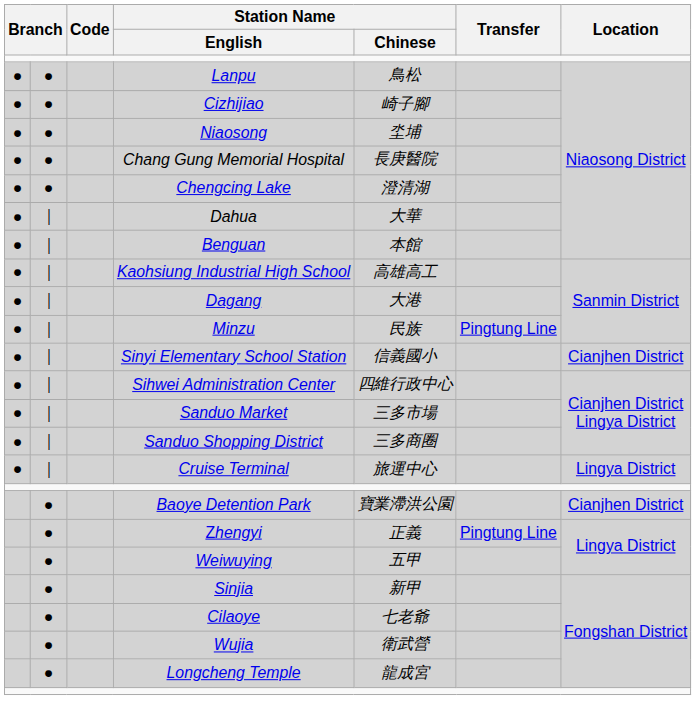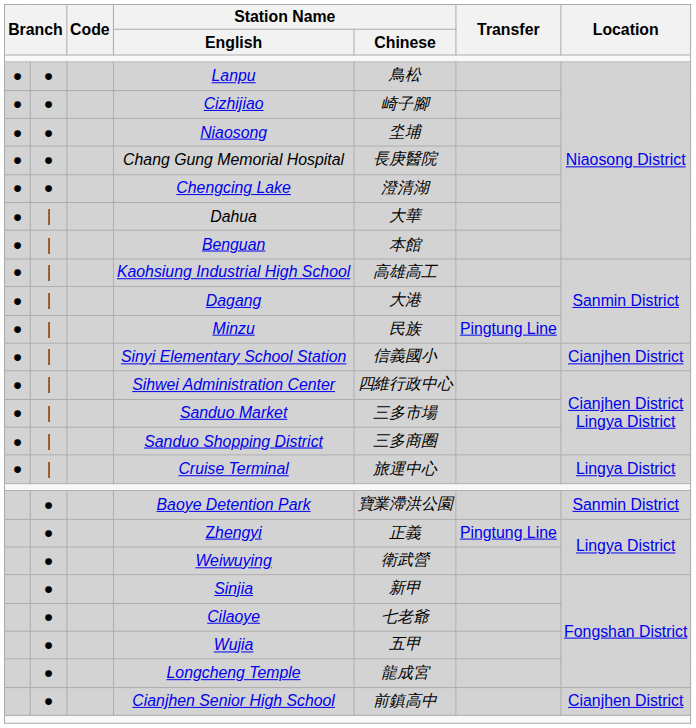 <table class="wikitable" style="text-align: center">
 <tr>
 <th colspan="2" rowspan="2">Branch</th>
 <th rowspan="2">Code</th>
 <th colspan="2">Station Name</th>
 <th rowspan="2">Transfer</th>
 <th rowspan="2">Location</th>
 </tr>
 <tr>
 <th>English</th>
 <th>Chinese</th>
 </tr>
 <tr>
 <td colspan="7"></td>
 </tr>
 <tr bgcolor = "lightgrey">
 <td>●</td>
 <td>●</td>
 <td><em></em></td>
 <td><a href='#'><em>Lanpu</em></a></td>
 <td><em>鳥松</em></td>
 <td style="text-align: left"></td>
 <td rowspan="7"><a href='#'>Niaosong District</a></td>
 </tr>
 <tr bgcolor = "lightgrey">
 <td>●</td>
 <td>●</td>
 <td><em></em></td>
 <td><em><a href='#'>Cizhijiao</a></em></td>
 <td><em>崎子腳</em></td>
 <td></td>
 </tr>
 <tr bgcolor = "lightgrey">
 <td>●</td>
 <td>●</td>
 <td><em></em></td>
 <td><a href='#'><em>Niaosong</em></a></td>
 <td><em>坔埔</em></td>
 <td></td>
 </tr>
 <tr bgcolor = "lightgrey">
 <td>●</td>
 <td>●</td>
 <td><em></em></td>
 <td><em>Chang Gung Memorial Hospital</em></td>
 <td><em>長庚醫院</em></td>
 <td style="text-align: left"></td>
 </tr>
 <tr bgcolor = "lightgrey">
 <td>●</td>
 <td>●</td>
 <td><em></em></td>
 <td><a href='#'><em>Chengcing Lake</em></a></td>
 <td><em>澄清湖</em></td>
 <td></td>
 </tr>
 <tr bgcolor = "lightgrey">
 <td>●</td>
 <td>｜</td>
 <td><em></em></td>
 <td><em>Dahua</em></td>
 <td><em>大華</em></td>
 <td style="text-align: left"></td>
 </tr>
 <tr bgcolor = "lightgrey">
 <td>●</td>
 <td>｜</td>
 <td><em></em></td>
 <td><em><a href='#'>Benguan</a></em></td>
 <td><em>本館</em></td>
 <td style="text-align: left"></td>
 </tr>
 <tr bgcolor = "lightgrey">
 <td>●</td>
 <td>｜</td>
 <td><em></em></td>
 <td><em><a href='#'>Kaohsiung Industrial High School</a></em></td>
 <td><em>高雄高工</em></td>
 <td></td>
 <td rowspan="3"><a href='#'>Sanmin District</a></td>
 </tr>
 <tr bgcolor = "lightgrey">
 <td>●</td>
 <td>｜</td>
 <td><em></em></td>
 <td><a href='#'><em>Dagang</em></a></td>
 <td><em>大港</em></td>
 <td style="text-align: left"></td>
 </tr>
 <tr bgcolor = "lightgrey">
 <td>●</td>
 <td>｜</td>
 <td><em></em></td>
 <td><em><a href='#'>Minzu</a></em></td>
 <td><em>民族</em></td>
 <td> <a href='#'>Pingtung Line</a></td>
 </tr>
 <tr bgcolor = "lightgrey">
 <td>●</td>
 <td>｜</td>
 <td><em></em></td>
 <td><em><a href='#'>Sinyi Elementary School Station</a></em></td>
 <td><em>信義國小</em></td>
 <td></td>
 <td><a href='#'>Cianjhen District</a></td>
 </tr>
 <tr bgcolor = "lightgrey">
 <td>●</td>
 <td>｜</td>
 <td><em></em></td>
 <td><a href='#'><em>Sihwei Administration Center</em></a></td>
 <td><em>四維行政中心</em></td>
 <td></td>
 <td rowspan="3"><a href='#'>Cianjhen District</a><br><a href='#'>Lingya District</a></td>
 </tr>
 <tr bgcolor = "lightgrey">
 <td>●</td>
 <td>｜</td>
 <td><em></em></td>
 <td><em><a href='#'>Sanduo Market</a></em></td>
 <td><em>三多市場</em></td>
 <td></td>
 </tr>
 <tr bgcolor = "lightgrey">
 <td>●</td>
 <td>｜</td>
 <td><em></em></td>
 <td><a href='#'><em>Sanduo Shopping District</em></a></td>
 <td><em>三多商圈</em></td>
 <td></td>
 </tr>
 <tr bgcolor = "lightgrey">
 <td>●</td>
 <td>｜</td>
 <td><em></em></td>
 <td><em><a href='#'>Cruise Terminal</a></em></td>
 <td><em>旅運中心</em></td>
 <td></td>
 <td><a href='#'>Lingya District</a></td>
 </tr>
 <tr>
 <td colspan="7"></td>
 </tr>
 <tr bgcolor = "lightgrey">
 <td></td>
 <td>●</td>
 <td><em></em></td>
 <td><em><a href='#'>Baoye Detention Park</a></em></td>
 <td><em>寶業滯洪公園</em></td>
 <td></td>
-<td><a href='#'>Cianjhen District</a></td>
+<td><a href='#'>Sanmin District</a></td>
 </tr>
 <tr bgcolor = "lightgrey">
 <td></td>
 <td>●</td>
 <td><em></em></td>
 <td><a href='#'>Z<em>hengyi</em></a></td>
 <td><em>正義</em></td>
 <td style="text-align: left"> <a href='#'>Pingtung Line</a></td>
 <td rowspan="2"><a href='#'>Lingya District</a></td>
 </tr>
 <tr bgcolor = "lightgrey">
 <td></td>
 <td>●</td>
 <td><em></em></td>
 <td><a href='#'><em>Weiwuying</em></a></td>
-<td><em>五甲</em></td>
+<td><em>衛武營</em></td>
 <td></td>
 </tr>
 <tr bgcolor = "lightgrey">
 <td></td>
 <td>●</td>
 <td><em></em></td>
 <td><a href='#'><em>Sinjia</em></a></td>
 <td><em>新甲</em></td>
 <td style="text-align: left"></td>
 <td rowspan="4"><a href='#'>Fongshan District</a></td>
 </tr>
 <tr bgcolor = "lightgrey">
 <td></td>
 <td>●</td>
 <td><em></em></td>
 <td><a href='#'><em>Cilaoye</em></a></td>
 <td><em>七老爺</em></td>
 <td></td>
 </tr>
 <tr bgcolor = "lightgrey">
 <td></td>
 <td>●</td>
 <td><em></em></td>
 <td><a href='#'><em>Wujia</em></a></td>
-<td><em>衛武營</em></td>
+<td><em>五甲</em></td>
 <td></td>
 </tr>
 <tr bgcolor = "lightgrey">
 <td></td>
 <td>●</td>
 <td><em></em></td>
 <td><a href='#'><em>Longcheng Temple</em></a></td>
 <td><em>龍成宮</em></td>
 <td style="text-align: left"></td>
 </tr>
+<tr bgcolor = "lightgrey">
+<td></td>
+<td>●</td>
+<td><em></em></td>
+<td><a href='#'><em>Cianjhen Senior High School</em></a></td>
+<td><em>前鎮高中</em></td>
+<td></td>
+<td><a href='#'>Cianjhen District</a></td>
+</tr>
 <tr>
 <td colspan="7"></td>
 </tr>
 </table>
